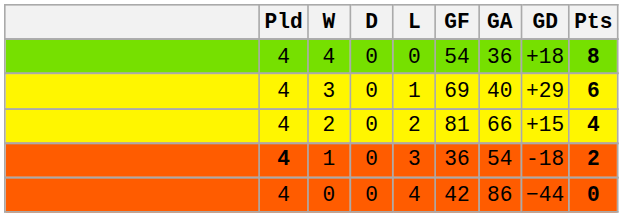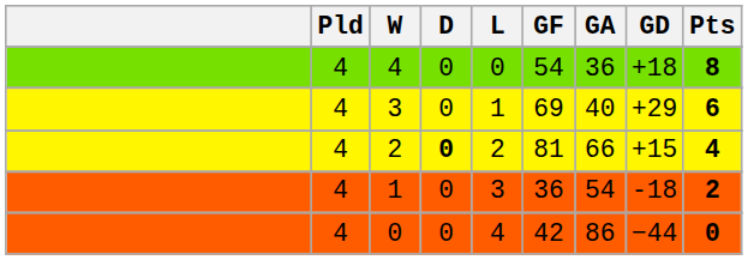 <table class="wikitable" style="text-align:center;">
 <tr>
 <th width=150></th>
 <th width=20>Pld</th>
 <th width=20>W</th>
 <th width=20>D</th>
 <th width=20>L</th>
 <th width=20>GF</th>
 <th width=20>GA</th>
 <th width=20>GD</th>
 <th width=20>Pts</th>
 </tr>
 <tr>
 </tr>
 <tr bgcolor=#76ee00|>
 <td align="left"></td>
 <td>4</td>
 <td>4</td>
 <td>0</td>
 <td>0</td>
 <td>54</td>
 <td>36</td>
 <td>+18</td>
 <td><strong>8</strong></td>
 </tr>
 <tr>
 </tr>
 <tr bgcolor=#ffff66|>
 <td align="left"></td>
 <td>4</td>
 <td>3</td>
 <td>0</td>
 <td>1</td>
 <td>69</td>
 <td>40</td>
 <td>+29</td>
 <td><strong>6</strong></td>
 </tr>
 <tr>
 </tr>
 <tr bgcolor=#ffff66|>
 <td align="left"></td>
 <td>4</td>
 <td>2</td>
-<td>0</td>
+<td><strong>0</strong></td>
 <td>2</td>
 <td>81</td>
 <td>66</td>
 <td>+15</td>
 <td><strong>4</strong></td>
 </tr>
 <tr>
 </tr>
 <tr bgcolor=#ffc5c5|>
 <td align="left"></td>
-<td><strong>4</strong></td>
+<td>4</td>
 <td>1</td>
 <td>0</td>
 <td>3</td>
 <td>36</td>
 <td>54</td>
 <td>-18</td>
 <td><strong>2</strong></td>
 </tr>
 <tr>
 </tr>
 <tr bgcolor=#ffc5c5|>
 <td align="left"></td>
 <td>4</td>
 <td>0</td>
 <td>0</td>
 <td>4</td>
 <td>42</td>
 <td>86</td>
 <td>−44</td>
 <td><strong>0</strong></td>
 </tr>
 </table>
